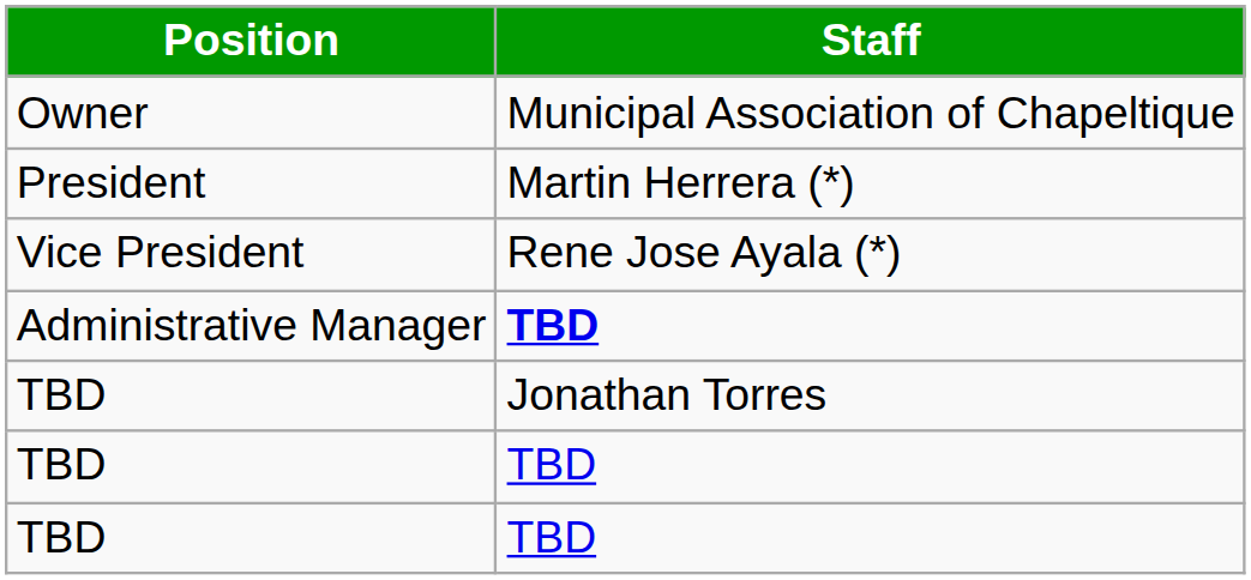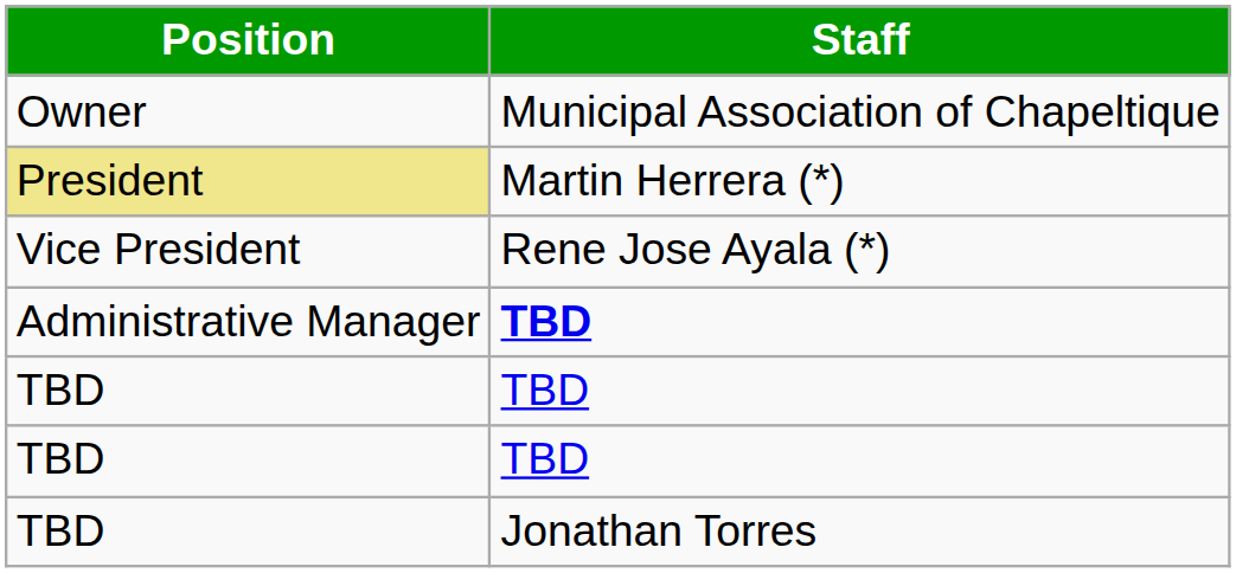 <table class="wikitable">
 <tr>
 <th style="color:White; background:#009900;">Position</th>
 <th style="color:White; background:#009900;">Staff</th>
 </tr>
 <tr>
 <td>Owner</td>
 <td> Municipal Association of Chapeltique</td>
 </tr>
 <tr>
-<td>President</td>
+<td style="background: khaki;">President</td>
 <td> Martin Herrera (*)</td>
 </tr>
 <tr>
 <td>Vice President</td>
 <td> Rene Jose Ayala (*)</td>
 </tr>
 <tr>
 <td>Administrative Manager</td>
 <td><strong> <a href='#'>TBD</a></strong></td>
 </tr>
 <tr>
 <td>TBD</td>
-<td> Jonathan Torres</td>
+<td> <a href='#'>TBD</a></td>
 </tr>
 <tr>
 <td>TBD</td>
 <td> <a href='#'>TBD</a></td>
 </tr>
 <tr>
 <td>TBD</td>
-<td> <a href='#'>TBD</a></td>
+<td> Jonathan Torres</td>
 </tr>
 </table>
